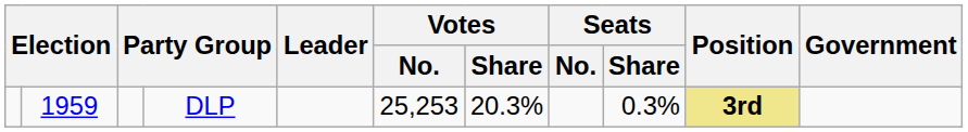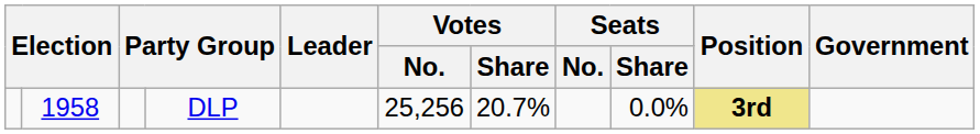 <table class="wikitable" style="text-align:center">
 <tr>
 <th colspan="2" rowspan="2">Election</th>
 <th colspan="3" rowspan="2">Party Group</th>
 <th rowspan="2">Leader</th>
 <th colspan="2">Votes</th>
 <th colspan="2">Seats</th>
 <th rowspan="2">Position</th>
 <th rowspan="2">Government</th>
 </tr>
 <tr>
 <th>No.</th>
 <th>Share</th>
 <th>No.</th>
 <th>Share</th>
 </tr>
 <tr>
 <td></td>
-<td><a href='#'>1959</a></td>
+<td><a href='#'>1958</a></td>
 <td colspan="2" style="background:"></td>
 <td><a href='#'>DLP</a></td>
 <td></td>
-<td style="text-align:right;">25,253</td>
-<td style="text-align:right;">20.3%</td>
+<td style="text-align:right;">25,256</td>
+<td style="text-align:right;">20.7%</td>
 <td></td>
-<td style="text-align:right;">0.3%</td>
+<td style="text-align:right;">0.0%</td>
 <td style="background: khaki;"><strong>3rd</strong></td>
 <td></td>
 </tr>
 </table>
